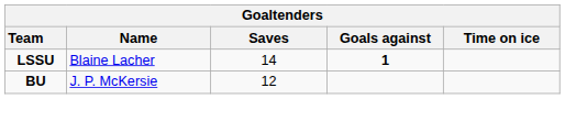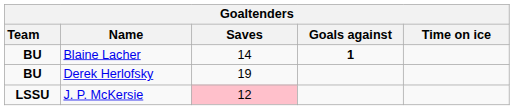 <table class="wikitable" style="width:40em; text-align:right;">
 <tr>
 <th colspan=5>Goaltenders</th>
 </tr>
 <tr>
 <th style="width:4em; text-align:left;">Team</th>
 <th style="width:10em;">Name</th>
 <th style="width:8em;">Saves</th>
 <th style="width:8em;">Goals against</th>
 <th style="width:8em;">Time on ice</th>
 </tr>
 <tr>
-<td align=center><strong>LSSU</strong></td>
+<td align=center><strong>BU</strong></td>
 <td style="text-align:left;"><a href='#'>Blaine Lacher</a></td>
 <td align=center>14</td>
 <td align=center><strong>1</strong></td>
 <td align=center></td>
 </tr>
 <tr>
 <td align=center><strong>BU</strong></td>
+<td style="text-align:left;"><a href='#'>Derek Herlofsky</a></td>
+<td align=center>19</td>
+<td align=center></td>
+<td align=center></td>
+</tr>
+<tr>
+<td align=center><strong>LSSU</strong></td>
 <td style="text-align:left;"><a href='#'>J. P. McKersie</a></td>
-<td align=center>12</td>
+<td align=center style="background: pink;">12</td>
 <td align=center></td>
 <td align=center></td>
 </tr>
 </table>
